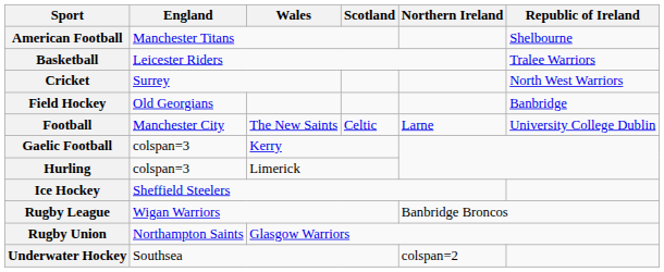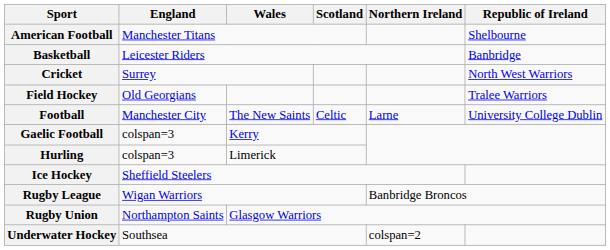 <table class="wikitable">
 <tr>
 <th>Sport</th>
 <th> England</th>
 <th> Wales</th>
 <th> Scotland</th>
 <th> Northern Ireland</th>
 <th> Republic of Ireland</th>
 </tr>
 <tr>
 <th>American Football</th>
 <td colspan=3> <a href='#'>Manchester Titans</a></td>
 <td></td>
 <td> <a href='#'>Shelbourne</a></td>
 </tr>
 <tr>
 <th>Basketball</th>
 <td colspan=4> <a href='#'>Leicester Riders</a></td>
-<td> <a href='#'>Tralee Warriors</a></td>
+<td> <a href='#'>Banbridge</a></td>
 </tr>
 <tr>
 <th>Cricket</th>
 <td colspan=2> <a href='#'>Surrey</a></td>
 <td></td>
 <td></td>
 <td> <a href='#'>North West Warriors</a></td>
 </tr>
 <tr>
 <th>Field Hockey</th>
 <td> <a href='#'>Old Georgians</a></td>
 <td></td>
 <td></td>
 <td></td>
-<td> <a href='#'>Banbridge</a></td>
+<td> <a href='#'>Tralee Warriors</a></td>
 </tr>
 <tr>
 <th>Football</th>
 <td> <a href='#'>Manchester City</a></td>
 <td> <a href='#'>The New Saints</a></td>
 <td> <a href='#'>Celtic</a></td>
 <td> <a href='#'>Larne</a></td>
 <td> <a href='#'>University College Dublin</a></td>
 </tr>
 <tr>
 <th>Gaelic Football</th>
 <td>colspan=3</td>
 <td colspan=2> <a href='#'>Kerry</a></td>
 </tr>
 <tr>
 <th>Hurling</th>
 <td>colspan=3</td>
 <td colspan=2> Limerick</td>
 </tr>
 <tr>
 <th>Ice Hockey</th>
 <td colspan=4> <a href='#'>Sheffield Steelers</a></td>
 <td></td>
 </tr>
 <tr>
 <th>Rugby League</th>
 <td colspan=3> <a href='#'>Wigan Warriors</a></td>
 <td colspan=2> Banbridge Broncos</td>
 </tr>
 <tr>
 <th>Rugby Union</th>
 <td> <a href='#'>Northampton Saints</a></td>
 <td colspan=4> <a href='#'>Glasgow Warriors</a></td>
 </tr>
 <tr>
 <th>Underwater Hockey</th>
 <td colspan=3> Southsea</td>
 <td>colspan=2</td>
 </tr>
 </table>
